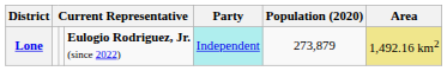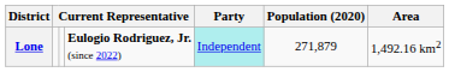 <table class="wikitable sortable" style="margin: 1em auto; font-size:100%; line-height:20px; text-align:center">
 <tr>
 <th>District</th>
 <th colspan="3">Current Representative</th>
 <th>Party</th>
 <th>Population (2020)</th>
 <th>Area</th>
 </tr>
 <tr>
 <th><a href='#'>Lone</a></th>
 <td style="background:"></td>
 <td></td>
 <td style="text-align:left;"><strong>Eulogio Rodriguez, Jr.</strong><br><small>(since <a href='#'>2022</a>)</small></td>
 <td style="background: paleturquoise;"><a href='#'>Independent</a></td>
-<td>273,879</td>
-<td style="background: khaki;">1,492.16 km<sup>2</sup></td>
+<td>271,879</td>
+<td>1,492.16 km<sup>2</sup></td>
 </tr>
 </table>
